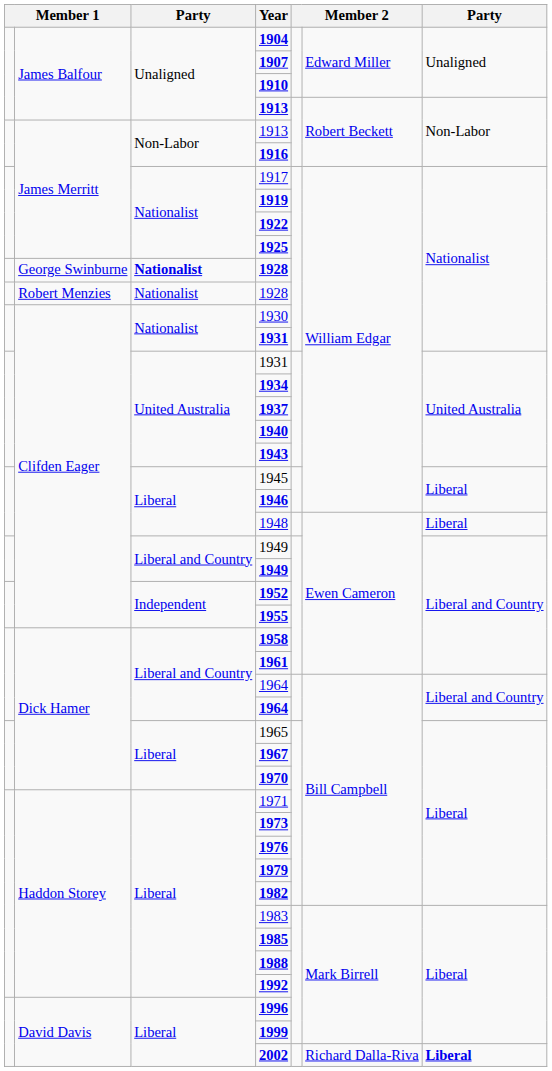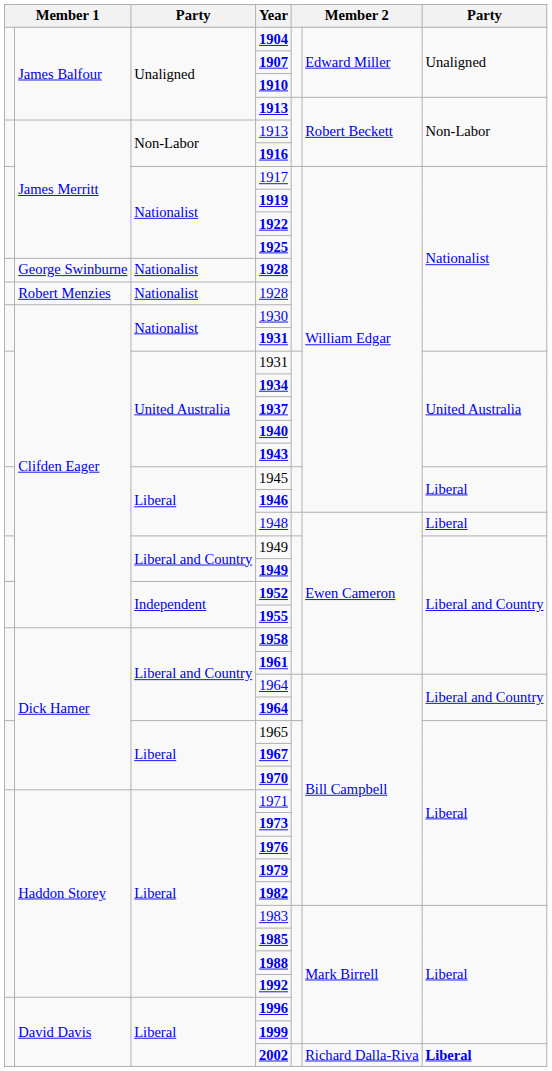 <table class="wikitable">
 <tr>
 <th colspan="2">Member 1</th>
 <th>Party</th>
 <th>Year</th>
 <th colspan="2">Member 2</th>
 <th>Party</th>
 </tr>
 <tr>
 <td rowspan="4" > </td>
 <td rowspan="4"><a href='#'>James Balfour</a></td>
 <td rowspan="4">Unaligned</td>
 <td><strong><a href='#'>1904</a></strong></td>
 <td rowspan="3" > </td>
 <td rowspan="3"><a href='#'>Edward Miller</a></td>
 <td rowspan="3">Unaligned</td>
 </tr>
 <tr>
 <td><strong><a href='#'>1907</a></strong></td>
 </tr>
 <tr>
 <td><strong><a href='#'>1910</a></strong></td>
 </tr>
 <tr>
 <td><strong><a href='#'>1913</a></strong></td>
 <td rowspan="3" > </td>
 <td rowspan="3"><a href='#'>Robert Beckett</a></td>
 <td rowspan="3">Non-Labor</td>
 </tr>
 <tr>
 <td rowspan="2" > </td>
 <td rowspan="6"><a href='#'>James Merritt</a></td>
 <td rowspan="2">Non-Labor</td>
 <td><a href='#'>1913</a></td>
 </tr>
 <tr>
 <td><strong><a href='#'>1916</a></strong></td>
 </tr>
 <tr>
 <td rowspan="4" > </td>
 <td rowspan="4"><a href='#'>Nationalist</a></td>
 <td><a href='#'>1917</a></td>
 <td rowspan="8" > </td>
 <td rowspan="15"><a href='#'>William Edgar</a></td>
 <td rowspan="8"><a href='#'>Nationalist</a></td>
 </tr>
 <tr>
 <td><strong><a href='#'>1919</a></strong></td>
 </tr>
 <tr>
 <td><strong><a href='#'>1922</a></strong></td>
 </tr>
 <tr>
 <td><strong><a href='#'>1925</a></strong></td>
 </tr>
 <tr>
 <td> </td>
 <td><a href='#'>George Swinburne</a></td>
-<td><strong><a href='#'>Nationalist</a></strong></td>
+<td><a href='#'>Nationalist</a></td>
 <td><strong><a href='#'>1928</a></strong></td>
 </tr>
 <tr>
 <td> </td>
 <td><a href='#'>Robert Menzies</a></td>
 <td><a href='#'>Nationalist</a></td>
 <td><a href='#'>1928</a></td>
 </tr>
 <tr>
 <td rowspan="2" > </td>
 <td rowspan="14"><a href='#'>Clifden Eager</a></td>
 <td rowspan="2"><a href='#'>Nationalist</a></td>
 <td><a href='#'>1930</a></td>
 </tr>
 <tr>
 <td><strong><a href='#'>1931</a></strong></td>
 </tr>
 <tr>
 <td rowspan="5" > </td>
 <td rowspan="5"><a href='#'>United Australia</a></td>
 <td>1931</td>
 <td rowspan="5" > </td>
 <td rowspan="5"><a href='#'>United Australia</a></td>
 </tr>
 <tr>
 <td><strong><a href='#'>1934</a></strong></td>
 </tr>
 <tr>
 <td><strong><a href='#'>1937</a></strong></td>
 </tr>
 <tr>
 <td><strong><a href='#'>1940</a></strong></td>
 </tr>
 <tr>
 <td><strong><a href='#'>1943</a></strong></td>
 </tr>
 <tr>
 <td rowspan="3" > </td>
 <td rowspan="3"><a href='#'>Liberal</a></td>
 <td>1945</td>
 <td rowspan="2" > </td>
 <td rowspan="2"><a href='#'>Liberal</a></td>
 </tr>
 <tr>
 <td><strong><a href='#'>1946</a></strong></td>
 </tr>
 <tr>
 <td><a href='#'>1948</a></td>
 <td> </td>
 <td rowspan="7"><a href='#'>Ewen Cameron</a></td>
 <td><a href='#'>Liberal</a></td>
 </tr>
 <tr>
 <td rowspan="2" > </td>
 <td rowspan="2"><a href='#'>Liberal and Country</a></td>
 <td>1949</td>
 <td rowspan="6" > </td>
 <td rowspan="6"><a href='#'>Liberal and Country</a></td>
 </tr>
 <tr>
 <td><strong><a href='#'>1949</a></strong></td>
 </tr>
 <tr>
 <td rowspan="2" > </td>
 <td rowspan="2"><a href='#'>Independent</a></td>
 <td><strong><a href='#'>1952</a></strong></td>
 </tr>
 <tr>
 <td><strong><a href='#'>1955</a></strong></td>
 </tr>
 <tr>
 <td rowspan="4" > </td>
 <td rowspan="7"><a href='#'>Dick Hamer</a></td>
 <td rowspan="4"><a href='#'>Liberal and Country</a></td>
 <td><strong><a href='#'>1958</a></strong></td>
 </tr>
 <tr>
 <td><strong><a href='#'>1961</a></strong></td>
 </tr>
 <tr>
 <td><a href='#'>1964</a></td>
 <td rowspan="2" > </td>
 <td rowspan="10"><a href='#'>Bill Campbell</a></td>
 <td rowspan="2"><a href='#'>Liberal and Country</a></td>
 </tr>
 <tr>
 <td><strong><a href='#'>1964</a></strong></td>
 </tr>
 <tr>
 <td rowspan="3" > </td>
 <td rowspan="3"><a href='#'>Liberal</a></td>
 <td>1965</td>
 <td rowspan="8" > </td>
 <td rowspan="8"><a href='#'>Liberal</a></td>
 </tr>
 <tr>
 <td><strong><a href='#'>1967</a></strong></td>
 </tr>
 <tr>
 <td><strong><a href='#'>1970</a></strong></td>
 </tr>
 <tr>
 <td rowspan="9" > </td>
 <td rowspan="9"><a href='#'>Haddon Storey</a></td>
 <td rowspan="9"><a href='#'>Liberal</a></td>
 <td><a href='#'>1971</a></td>
 </tr>
 <tr>
 <td><strong><a href='#'>1973</a></strong></td>
 </tr>
 <tr>
 <td><strong><a href='#'>1976</a></strong></td>
 </tr>
 <tr>
 <td><strong><a href='#'>1979</a></strong></td>
 </tr>
 <tr>
 <td><strong><a href='#'>1982</a></strong></td>
 </tr>
 <tr>
 <td><a href='#'>1983</a></td>
 <td rowspan="6" > </td>
 <td rowspan="6"><a href='#'>Mark Birrell</a></td>
 <td rowspan="6"><a href='#'>Liberal</a></td>
 </tr>
 <tr>
 <td><strong><a href='#'>1985</a></strong></td>
 </tr>
 <tr>
 <td><strong><a href='#'>1988</a></strong></td>
 </tr>
 <tr>
 <td><strong><a href='#'>1992</a></strong></td>
 </tr>
 <tr>
 <td rowspan="3" > </td>
 <td rowspan="3"><a href='#'>David Davis</a></td>
 <td rowspan="3"><a href='#'>Liberal</a></td>
 <td><strong><a href='#'>1996</a></strong></td>
 </tr>
 <tr>
 <td><strong><a href='#'>1999</a></strong></td>
 </tr>
 <tr>
 <td><strong><a href='#'>2002</a></strong></td>
 <td> </td>
 <td><a href='#'>Richard Dalla-Riva</a></td>
 <td><strong><a href='#'>Liberal</a></strong></td>
 </tr>
 </table>
